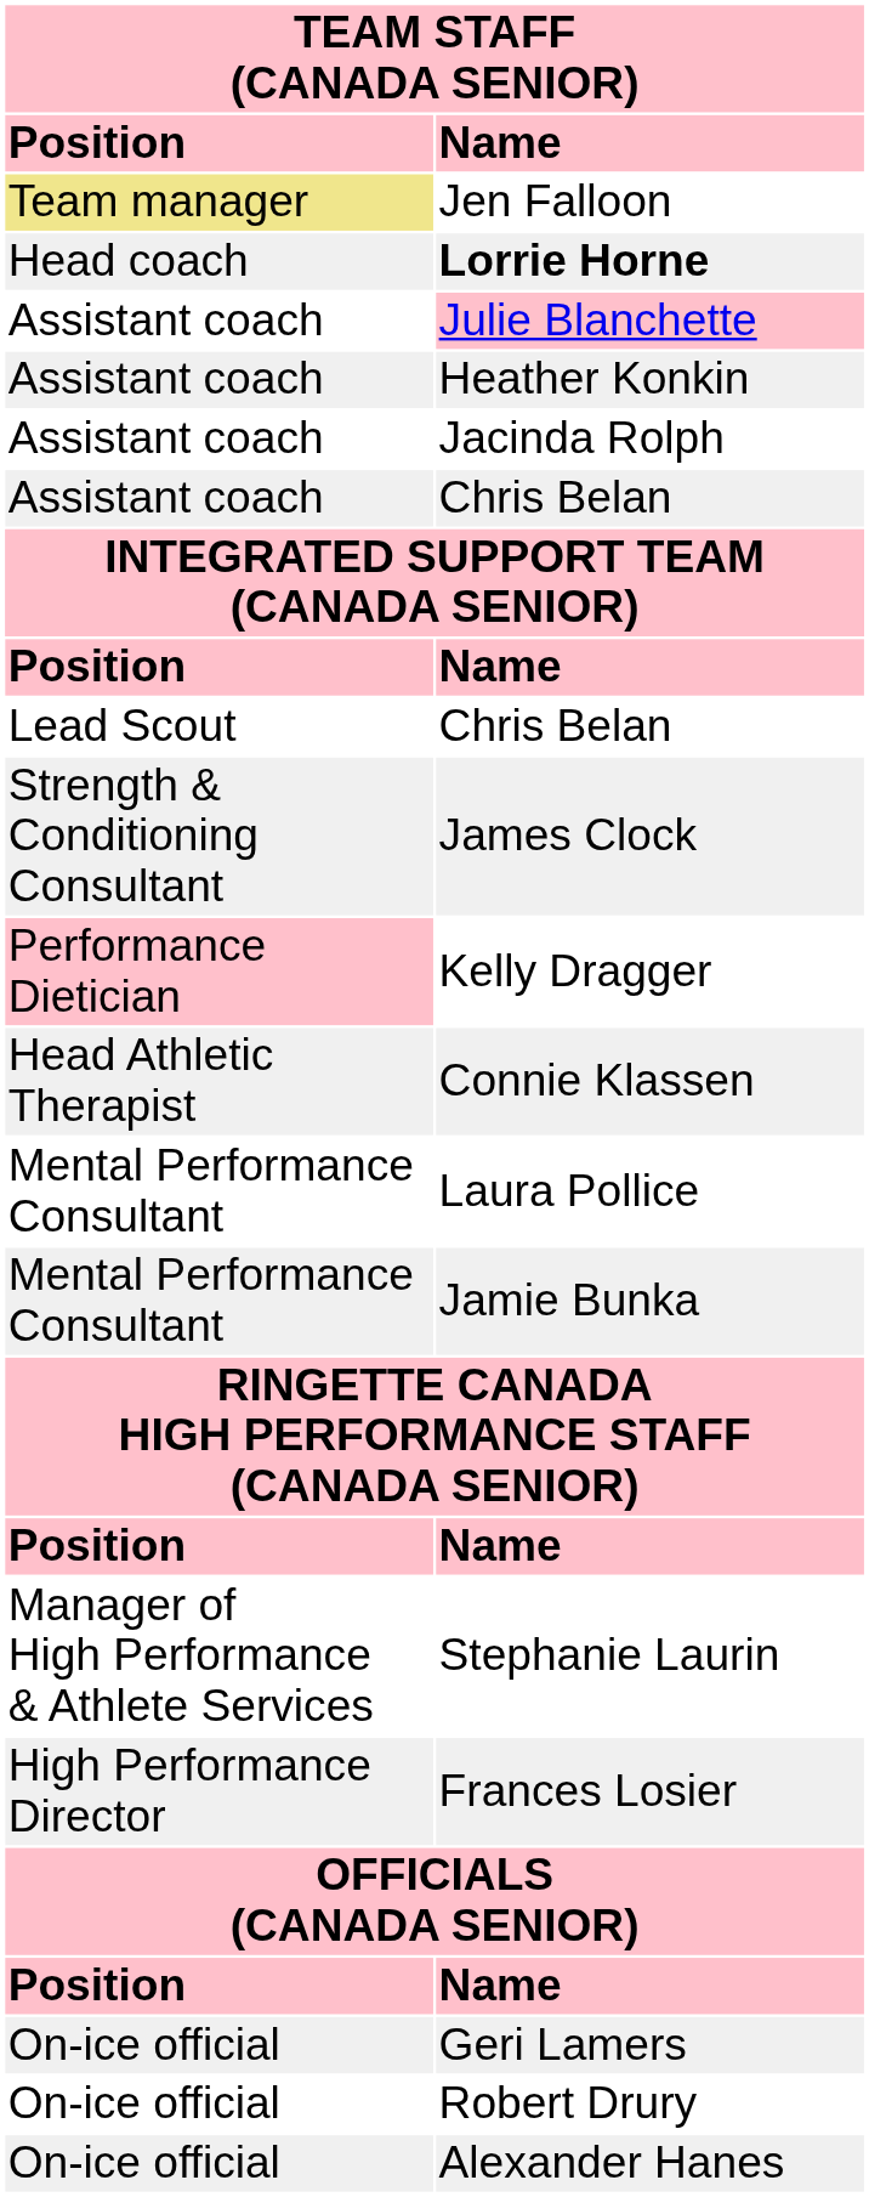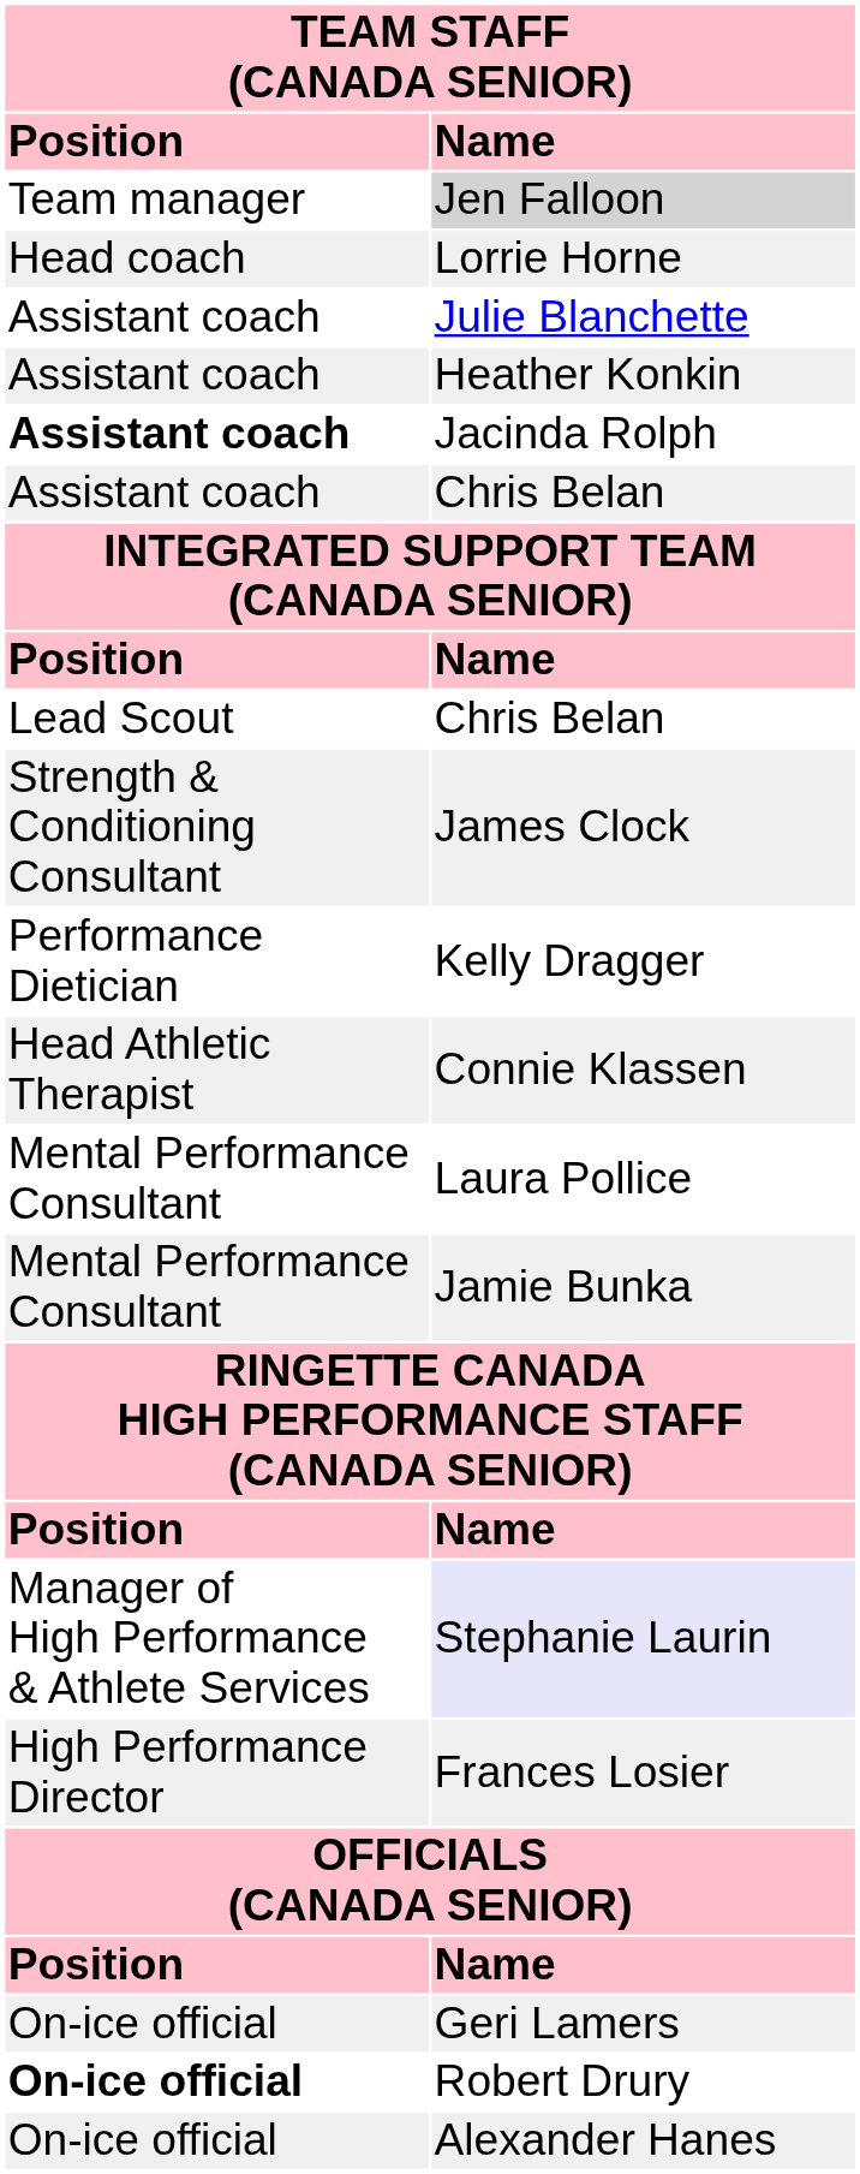 <table border="0" cellspacing="1" cellpadding="1">
 <tr bgcolor=pink>
 <th colspan=2>TEAM STAFF<br>(CANADA SENIOR)</th>
 </tr>
 <tr bgcolor=pink>
 <th align=left width=150>Position</th>
 <th align=left width=150>Name</th>
 </tr>
 <tr>
-<td align=left style="background: khaki;">Team manager</td>
-<td align=left>Jen Falloon</td>
+<td align=left>Team manager</td>
+<td align=left style="background: lightgrey;">Jen Falloon</td>
 </tr>
 <tr bgcolor="#f0f0f0">
 <td align=left>Head coach</td>
-<td><strong>Lorrie Horne</strong></td>
+<td>Lorrie Horne</td>
 </tr>
 <tr>
 <td align=left>Assistant coach</td>
-<td align=left style="background: pink;"><a href='#'>Julie Blanchette</a></td>
+<td align=left><a href='#'>Julie Blanchette</a></td>
 </tr>
 <tr bgcolor="#f0f0f0">
 <td align=left>Assistant coach</td>
 <td align=left>Heather Konkin</td>
 </tr>
 <tr>
-<td align=left>Assistant coach</td>
+<td align=left><strong>Assistant coach</strong></td>
 <td align=left>Jacinda Rolph</td>
 </tr>
 <tr bgcolor="#f0f0f0">
 <td align=left>Assistant coach</td>
 <td align=left>Chris Belan</td>
 </tr>
 <tr bgcolor=pink>
 <th style=background:pink colspan=2>INTEGRATED SUPPORT TEAM<br>(CANADA SENIOR)</th>
 </tr>
 <tr bgcolor=pink>
 <th align=left width=100>Position</th>
 <th align=left width=150>Name</th>
 </tr>
 <tr>
 <td align=left>Lead Scout</td>
 <td align=left>Chris Belan</td>
 </tr>
 <tr bgcolor="#f0f0f0">
 <td align=left>Strength & Conditioning Consultant</td>
 <td align=left>James Clock</td>
 </tr>
 <tr>
-<td align=left style="background: pink;">Performance Dietician</td>
+<td align=left>Performance Dietician</td>
 <td align=left>Kelly Dragger</td>
 </tr>
 <tr bgcolor="#f0f0f0">
 <td align=left>Head Athletic Therapist</td>
 <td align=left>Connie Klassen</td>
 </tr>
 <tr>
 <td align=left>Mental Performance Consultant</td>
 <td align=left>Laura Pollice</td>
 </tr>
 <tr bgcolor="#f0f0f0">
 <td align=left>Mental Performance Consultant</td>
 <td align=left>Jamie Bunka</td>
 </tr>
 <tr>
 <th style=background:pink colspan=2>RINGETTE CANADA<br>HIGH PERFORMANCE STAFF<br>(CANADA SENIOR)</th>
 </tr>
 <tr bgcolor=pink>
 <th align=left width=100>Position</th>
 <th align=left width=150>Name</th>
 </tr>
 <tr>
 <td align=left>Manager of<br>High Performance<br>& Athlete Services</td>
-<td>Stephanie Laurin</td>
+<td style="background: lavender;">Stephanie Laurin</td>
 </tr>
 <tr bgcolor="#f0f0f0">
 <td align=left>High Performance<br>Director</td>
 <td>Frances Losier</td>
 </tr>
 <tr>
 <th style=background:pink colspan=2>OFFICIALS<br>(CANADA SENIOR)</th>
 </tr>
 <tr bgcolor=pink>
 <th align=left width=100>Position</th>
 <th align=left>Name</th>
 </tr>
 <tr bgcolor="#f0f0f0">
 <td align=left>On-ice official</td>
 <td>Geri Lamers</td>
 </tr>
 <tr>
-<td align=left>On-ice official</td>
+<td align=left><strong>On-ice official</strong></td>
 <td>Robert Drury</td>
 </tr>
 <tr bgcolor="#f0f0f0">
 <td align=left>On-ice official</td>
 <td>Alexander Hanes</td>
 </tr>
 <tr>
 </tr>
 </table>
